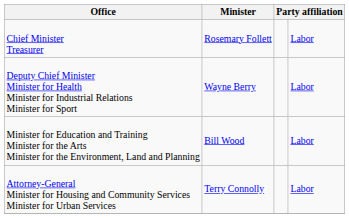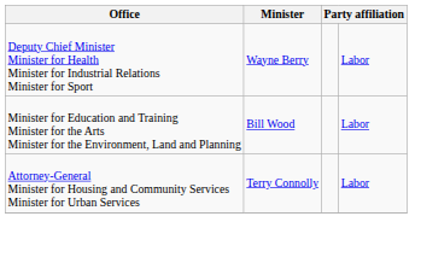 <table class="wikitable">
 <tr>
 <th>Office</th>
 <th>Minister</th>
 <th colspan=2>Party affiliation</th>
-</tr>
-<tr>
-<td><br><a href='#'>Chief Minister</a><br> <a href='#'>Treasurer</a></td>
-<td><a href='#'>Rosemary Follett</a></td>
-<td> </td>
-<td><a href='#'>Labor</a></td>
 </tr>
 <tr>
 <td><br><a href='#'>Deputy Chief Minister</a><br> <a href='#'>Minister for Health</a><br> Minister for Industrial Relations<br> Minister for Sport</td>
 <td><a href='#'>Wayne Berry</a></td>
 <td> </td>
 <td><a href='#'>Labor</a></td>
 </tr>
 <tr>
 <td><br>Minister for Education and Training<br> Minister for the Arts<br> Minister for the Environment, Land and Planning</td>
 <td><a href='#'>Bill Wood</a></td>
 <td> </td>
 <td><a href='#'>Labor</a></td>
 </tr>
 <tr>
 <td><br><a href='#'>Attorney-General</a><br> Minister for Housing and Community Services<br> Minister for Urban Services</td>
 <td><a href='#'>Terry Connolly</a></td>
 <td> </td>
 <td><a href='#'>Labor</a></td>
 </tr>
 <tr>
 </tr>
 </table>
